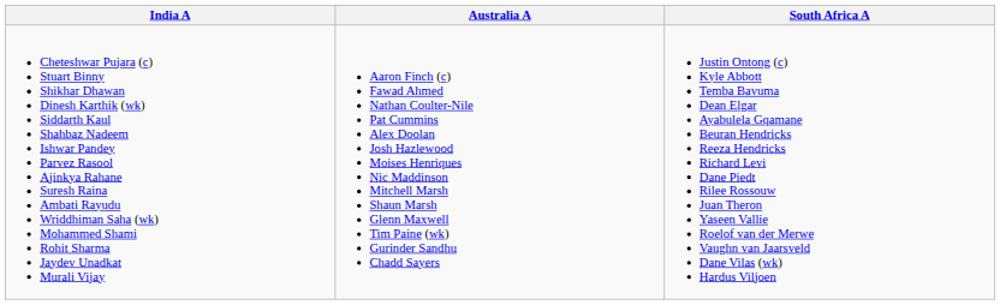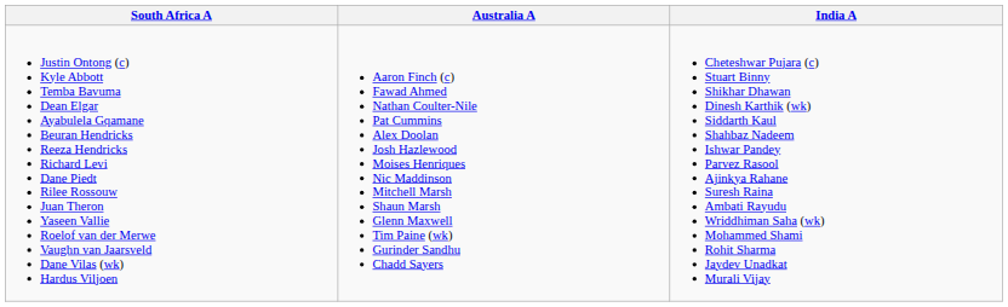 <table class="wikitable">
 <tr>
+<th style="width:15%;"><a href='#'>South Africa A</a></th>
+<th style="width:15%;"><a href='#'>Australia A</a></th>
 <th style="width:15%;"><a href='#'>India A</a></th>
-<th style="width:15%;"><a href='#'>Australia A</a></th>
-<th style="width:15%;"><a href='#'>South Africa A</a></th>
 </tr>
 <tr>
+<td><br><ul><li><a href='#'>Justin Ontong</a> (<a href='#'>c</a>)</li><li><a href='#'>Kyle Abbott</a></li><li><a href='#'>Temba Bavuma</a></li><li><a href='#'>Dean Elgar</a></li><li><a href='#'>Ayabulela Gqamane</a></li><li><a href='#'>Beuran Hendricks</a></li><li><a href='#'>Reeza Hendricks</a></li><li><a href='#'>Richard Levi</a></li><li><a href='#'>Dane Piedt</a></li><li><a href='#'>Rilee Rossouw</a></li><li><a href='#'>Juan Theron</a></li><li><a href='#'>Yaseen Vallie</a></li><li><a href='#'>Roelof van der Merwe</a></li><li><a href='#'>Vaughn van Jaarsveld</a></li><li><a href='#'>Dane Vilas</a> (<a href='#'>wk</a>)</li><li><a href='#'>Hardus Viljoen</a></li></ul></td>
+<td><br><ul><li><a href='#'>Aaron Finch</a> (<a href='#'>c</a>)</li><li><a href='#'>Fawad Ahmed</a></li><li><a href='#'>Nathan Coulter-Nile</a></li><li><a href='#'>Pat Cummins</a></li><li><a href='#'>Alex Doolan</a></li><li><a href='#'>Josh Hazlewood</a></li><li><a href='#'>Moises Henriques</a></li><li><a href='#'>Nic Maddinson</a></li><li><a href='#'>Mitchell Marsh</a></li><li><a href='#'>Shaun Marsh</a></li><li><a href='#'>Glenn Maxwell</a></li><li><a href='#'>Tim Paine</a> (<a href='#'>wk</a>)</li><li><a href='#'>Gurinder Sandhu</a></li><li><a href='#'>Chadd Sayers</a></li></ul></td>
 <td><br><ul><li><a href='#'>Cheteshwar Pujara</a> (<a href='#'>c</a>)</li><li><a href='#'>Stuart Binny</a></li><li><a href='#'>Shikhar Dhawan</a></li><li><a href='#'>Dinesh Karthik</a> (<a href='#'>wk</a>)</li><li><a href='#'>Siddarth Kaul</a></li><li><a href='#'>Shahbaz Nadeem</a></li><li><a href='#'>Ishwar Pandey</a></li><li><a href='#'>Parvez Rasool</a></li><li><a href='#'>Ajinkya Rahane</a></li><li><a href='#'>Suresh Raina</a></li><li><a href='#'>Ambati Rayudu</a></li><li><a href='#'>Wriddhiman Saha</a> (<a href='#'>wk</a>)</li><li><a href='#'>Mohammed Shami</a></li><li><a href='#'>Rohit Sharma</a></li><li><a href='#'>Jaydev Unadkat</a></li><li><a href='#'>Murali Vijay</a></li></ul></td>
-<td><br><ul><li><a href='#'>Aaron Finch</a> (<a href='#'>c</a>)</li><li><a href='#'>Fawad Ahmed</a></li><li><a href='#'>Nathan Coulter-Nile</a></li><li><a href='#'>Pat Cummins</a></li><li><a href='#'>Alex Doolan</a></li><li><a href='#'>Josh Hazlewood</a></li><li><a href='#'>Moises Henriques</a></li><li><a href='#'>Nic Maddinson</a></li><li><a href='#'>Mitchell Marsh</a></li><li><a href='#'>Shaun Marsh</a></li><li><a href='#'>Glenn Maxwell</a></li><li><a href='#'>Tim Paine</a> (<a href='#'>wk</a>)</li><li><a href='#'>Gurinder Sandhu</a></li><li><a href='#'>Chadd Sayers</a></li></ul></td>
-<td><br><ul><li><a href='#'>Justin Ontong</a> (<a href='#'>c</a>)</li><li><a href='#'>Kyle Abbott</a></li><li><a href='#'>Temba Bavuma</a></li><li><a href='#'>Dean Elgar</a></li><li><a href='#'>Ayabulela Gqamane</a></li><li><a href='#'>Beuran Hendricks</a></li><li><a href='#'>Reeza Hendricks</a></li><li><a href='#'>Richard Levi</a></li><li><a href='#'>Dane Piedt</a></li><li><a href='#'>Rilee Rossouw</a></li><li><a href='#'>Juan Theron</a></li><li><a href='#'>Yaseen Vallie</a></li><li><a href='#'>Roelof van der Merwe</a></li><li><a href='#'>Vaughn van Jaarsveld</a></li><li><a href='#'>Dane Vilas</a> (<a href='#'>wk</a>)</li><li><a href='#'>Hardus Viljoen</a></li></ul></td>
 </tr>
 </table>
